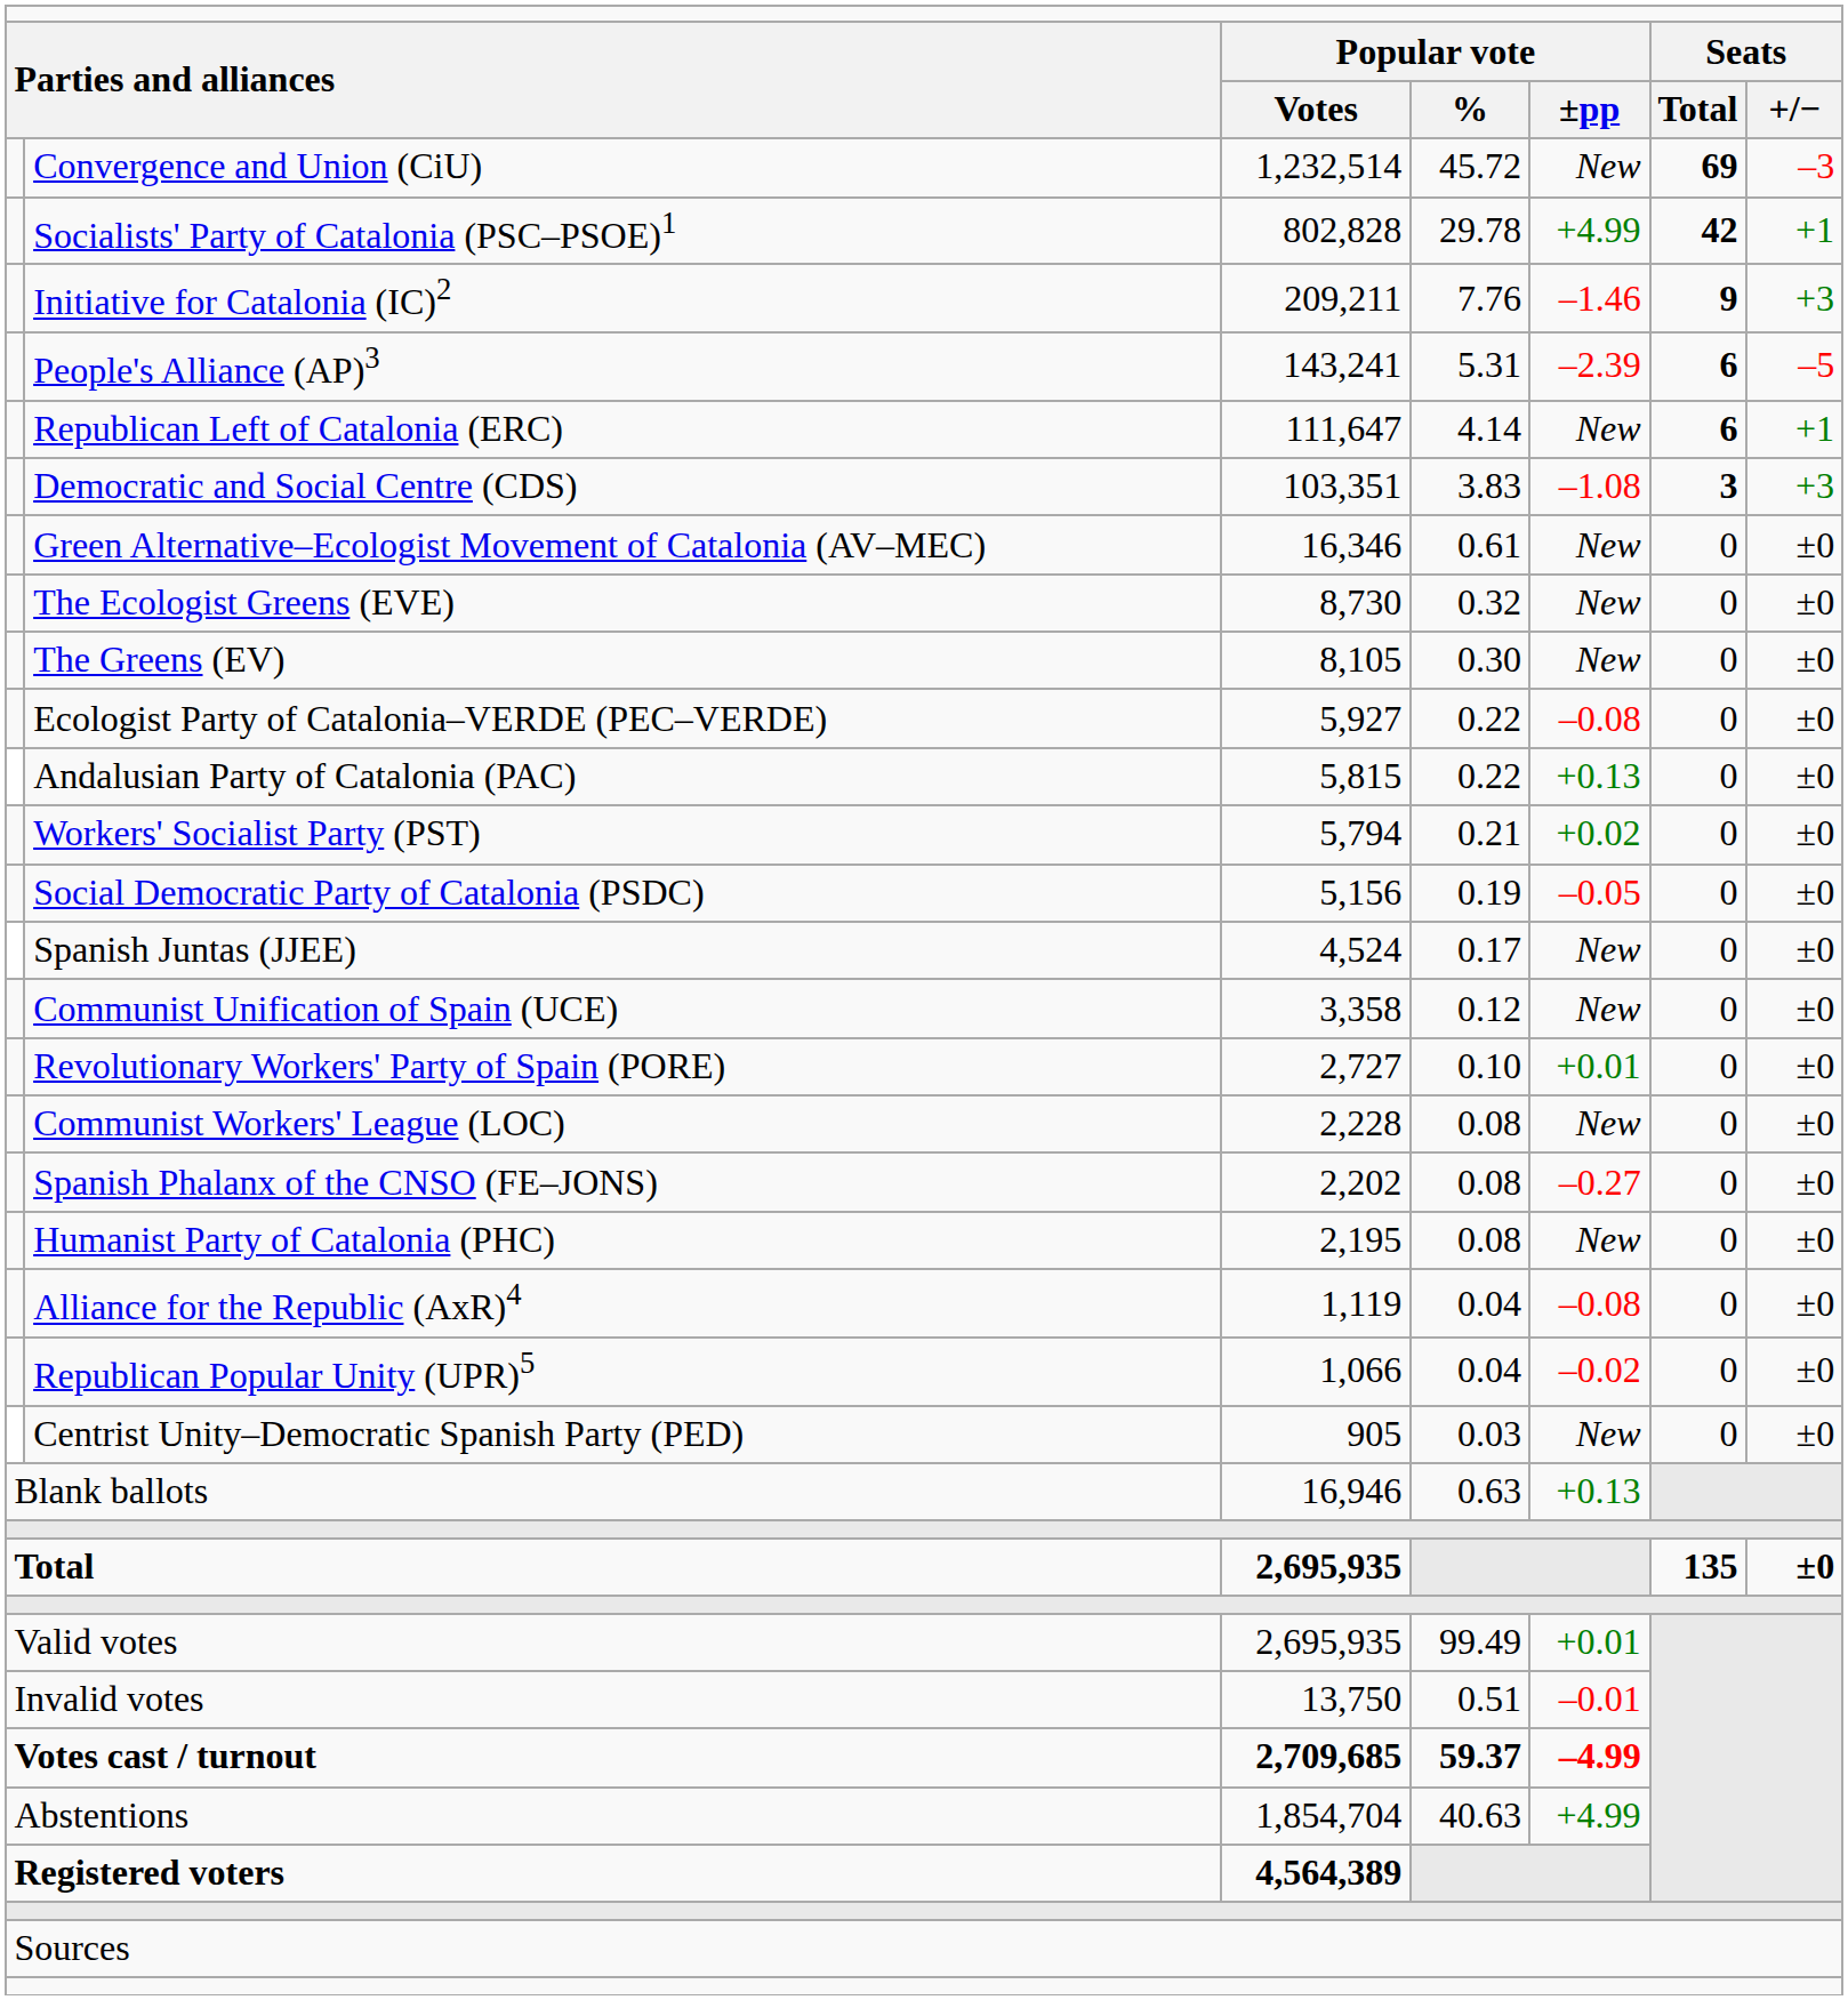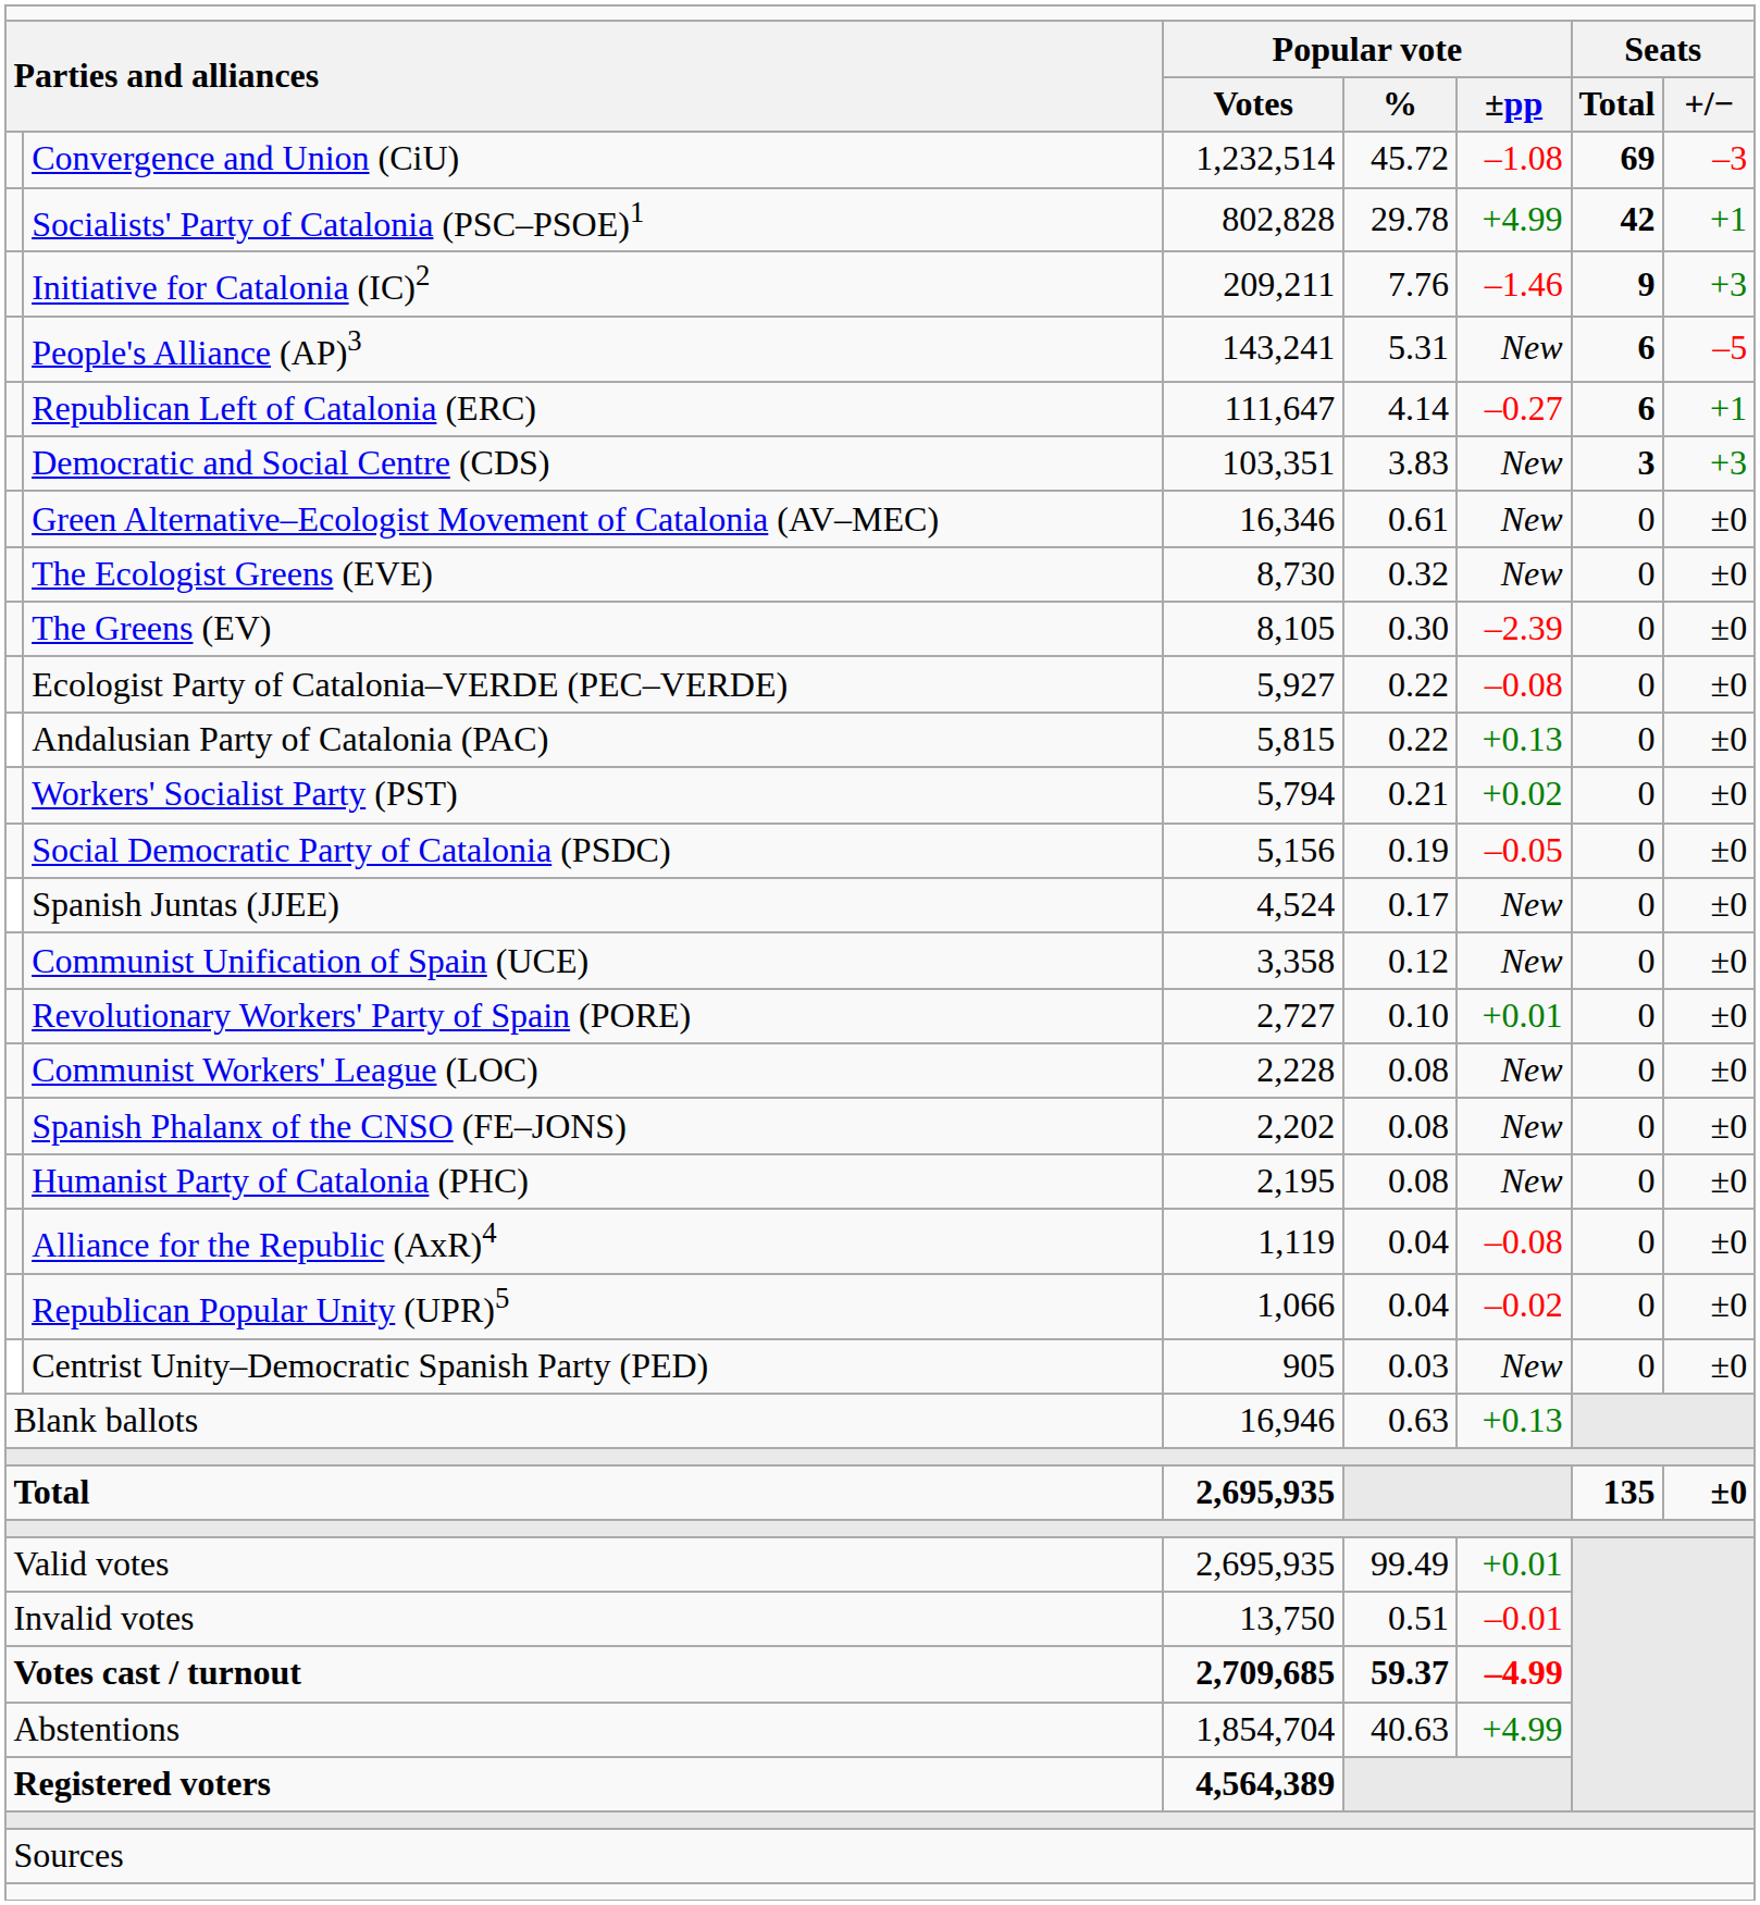 <table class="wikitable" style="text-align:right;">
 <tr>
 <td colspan="7"></td>
 </tr>
 <tr>
 <th style="text-align:left;" rowspan="2" colspan="2" width="525">Parties and alliances</th>
 <th colspan="3">Popular vote</th>
 <th colspan="2">Seats</th>
 </tr>
 <tr>
 <th width="75">Votes</th>
 <th width="45">%</th>
 <th width="45">±<a href='#'>pp</a></th>
 <th width="35">Total</th>
 <th width="35">+/−</th>
 </tr>
 <tr>
 <td width="1" style="color:inherit;background:"></td>
 <td align="left"><a href='#'>Convergence and Union</a> (CiU)</td>
 <td>1,232,514</td>
 <td>45.72</td>
-<td><em>New</em></td>
+<td style="color:red;">–1.08</td>
 <td><strong>69</strong></td>
 <td style="color:red;">–3</td>
 </tr>
 <tr>
 <td style="color:inherit;background:"></td>
 <td align="left"><a href='#'>Socialists' Party of Catalonia</a> (PSC–PSOE)<sup>1</sup></td>
 <td>802,828</td>
 <td>29.78</td>
 <td style="color:green;">+4.99</td>
 <td><strong>42</strong></td>
 <td style="color:green;">+1</td>
 </tr>
 <tr>
 <td style="color:inherit;background:"></td>
 <td align="left"><a href='#'>Initiative for Catalonia</a> (IC)<sup>2</sup></td>
 <td>209,211</td>
 <td>7.76</td>
 <td style="color:red;">–1.46</td>
 <td><strong>9</strong></td>
 <td style="color:green;">+3</td>
 </tr>
 <tr>
 <td style="color:inherit;background:"></td>
 <td align="left"><a href='#'>People's Alliance</a> (AP)<sup>3</sup></td>
 <td>143,241</td>
 <td>5.31</td>
-<td style="color:red;">–2.39</td>
+<td><em>New</em></td>
 <td><strong>6</strong></td>
 <td style="color:red;">–5</td>
 </tr>
 <tr>
 <td style="color:inherit;background:"></td>
 <td align="left"><a href='#'>Republican Left of Catalonia</a> (ERC)</td>
 <td>111,647</td>
 <td>4.14</td>
-<td><em>New</em></td>
+<td style="color:red;">–0.27</td>
 <td><strong>6</strong></td>
 <td style="color:green;">+1</td>
 </tr>
 <tr>
 <td style="color:inherit;background:"></td>
 <td align="left"><a href='#'>Democratic and Social Centre</a> (CDS)</td>
 <td>103,351</td>
 <td>3.83</td>
-<td style="color:red;">–1.08</td>
+<td><em>New</em></td>
 <td><strong>3</strong></td>
 <td style="color:green;">+3</td>
 </tr>
 <tr>
 <td style="color:inherit;background:"></td>
 <td align="left"><a href='#'>Green Alternative–Ecologist Movement of Catalonia</a> (AV–MEC)</td>
 <td>16,346</td>
 <td>0.61</td>
 <td><em>New</em></td>
 <td>0</td>
 <td>±0</td>
 </tr>
 <tr>
 <td style="color:inherit;background:"></td>
 <td align="left"><a href='#'>The Ecologist Greens</a> (EVE)</td>
 <td>8,730</td>
 <td>0.32</td>
 <td><em>New</em></td>
 <td>0</td>
 <td>±0</td>
 </tr>
 <tr>
 <td style="color:inherit;background:"></td>
 <td align="left"><a href='#'>The Greens</a> (EV)</td>
 <td>8,105</td>
 <td>0.30</td>
-<td><em>New</em></td>
+<td style="color:red;">–2.39</td>
 <td>0</td>
 <td>±0</td>
 </tr>
 <tr>
 <td style="color:inherit;background:"></td>
 <td align="left">Ecologist Party of Catalonia–VERDE (PEC–VERDE)</td>
 <td>5,927</td>
 <td>0.22</td>
 <td style="color:red;">–0.08</td>
 <td>0</td>
 <td>±0</td>
 </tr>
 <tr>
 <td bgcolor="white"></td>
 <td align="left">Andalusian Party of Catalonia (PAC)</td>
 <td>5,815</td>
 <td>0.22</td>
 <td style="color:green;">+0.13</td>
 <td>0</td>
 <td>±0</td>
 </tr>
 <tr>
 <td style="color:inherit;background:"></td>
 <td align="left"><a href='#'>Workers' Socialist Party</a> (PST)</td>
 <td>5,794</td>
 <td>0.21</td>
 <td style="color:green;">+0.02</td>
 <td>0</td>
 <td>±0</td>
 </tr>
 <tr>
 <td style="color:inherit;background:"></td>
 <td align="left"><a href='#'>Social Democratic Party of Catalonia</a> (PSDC)</td>
 <td>5,156</td>
 <td>0.19</td>
 <td style="color:red;">–0.05</td>
 <td>0</td>
 <td>±0</td>
 </tr>
 <tr>
 <td bgcolor="white"></td>
 <td align="left">Spanish Juntas (JJEE)</td>
 <td>4,524</td>
 <td>0.17</td>
 <td><em>New</em></td>
 <td>0</td>
 <td>±0</td>
 </tr>
 <tr>
 <td style="color:inherit;background:"></td>
 <td align="left"><a href='#'>Communist Unification of Spain</a> (UCE)</td>
 <td>3,358</td>
 <td>0.12</td>
 <td><em>New</em></td>
 <td>0</td>
 <td>±0</td>
 </tr>
 <tr>
 <td style="color:inherit;background:"></td>
 <td align="left"><a href='#'>Revolutionary Workers' Party of Spain</a> (PORE)</td>
 <td>2,727</td>
 <td>0.10</td>
 <td style="color:green;">+0.01</td>
 <td>0</td>
 <td>±0</td>
 </tr>
 <tr>
 <td style="color:inherit;background:"></td>
 <td align="left"><a href='#'>Communist Workers' League</a> (LOC)</td>
 <td>2,228</td>
 <td>0.08</td>
 <td><em>New</em></td>
 <td>0</td>
 <td>±0</td>
 </tr>
 <tr>
 <td style="color:inherit;background:"></td>
 <td align="left"><a href='#'>Spanish Phalanx of the CNSO</a> (FE–JONS)</td>
 <td>2,202</td>
 <td>0.08</td>
-<td style="color:red;">–0.27</td>
+<td><em>New</em></td>
 <td>0</td>
 <td>±0</td>
 </tr>
 <tr>
 <td style="color:inherit;background:"></td>
 <td align="left"><a href='#'>Humanist Party of Catalonia</a> (PHC)</td>
 <td>2,195</td>
 <td>0.08</td>
 <td><em>New</em></td>
 <td>0</td>
 <td>±0</td>
 </tr>
 <tr>
 <td style="color:inherit;background:"></td>
 <td align="left"><a href='#'>Alliance for the Republic</a> (AxR)<sup>4</sup></td>
 <td>1,119</td>
 <td>0.04</td>
 <td style="color:red;">–0.08</td>
 <td>0</td>
 <td>±0</td>
 </tr>
 <tr>
 <td style="color:inherit;background:"></td>
 <td align="left"><a href='#'>Republican Popular Unity</a> (UPR)<sup>5</sup></td>
 <td>1,066</td>
 <td>0.04</td>
 <td style="color:red;">–0.02</td>
 <td>0</td>
 <td>±0</td>
 </tr>
 <tr>
 <td bgcolor="white"></td>
 <td align="left">Centrist Unity–Democratic Spanish Party (PED)</td>
 <td>905</td>
 <td>0.03</td>
 <td><em>New</em></td>
 <td>0</td>
 <td>±0</td>
 </tr>
 <tr>
 <td align="left" colspan="2">Blank ballots</td>
 <td>16,946</td>
 <td>0.63</td>
 <td style="color:green;">+0.13</td>
 <td bgcolor="#E9E9E9" colspan="2"></td>
 </tr>
 <tr>
 <td colspan="7" bgcolor="#E9E9E9"></td>
 </tr>
 <tr style="font-weight:bold;">
 <td align="left" colspan="2">Total</td>
 <td>2,695,935</td>
 <td bgcolor="#E9E9E9" colspan="2"></td>
 <td>135</td>
 <td>±0</td>
 </tr>
 <tr>
 <td colspan="7" bgcolor="#E9E9E9"></td>
 </tr>
 <tr>
 <td align="left" colspan="2">Valid votes</td>
 <td>2,695,935</td>
 <td>99.49</td>
 <td style="color:green;">+0.01</td>
 <td bgcolor="#E9E9E9" colspan="2" rowspan="5"></td>
 </tr>
 <tr>
 <td align="left" colspan="2">Invalid votes</td>
 <td>13,750</td>
 <td>0.51</td>
 <td style="color:red;">–0.01</td>
 </tr>
 <tr style="font-weight:bold;">
 <td align="left" colspan="2">Votes cast / turnout</td>
 <td>2,709,685</td>
 <td>59.37</td>
 <td style="color:red;">–4.99</td>
 </tr>
 <tr>
 <td align="left" colspan="2">Abstentions</td>
 <td>1,854,704</td>
 <td>40.63</td>
 <td style="color:green;">+4.99</td>
 </tr>
 <tr style="font-weight:bold;">
 <td align="left" colspan="2">Registered voters</td>
 <td>4,564,389</td>
 <td bgcolor="#E9E9E9" colspan="2"></td>
 </tr>
 <tr>
 <td colspan="7" bgcolor="#E9E9E9"></td>
 </tr>
 <tr>
 <td align="left" colspan="7">Sources</td>
 </tr>
 <tr>
 <td colspan="7" style="text-align:left; max-width:790px;"></td>
 </tr>
 </table>
